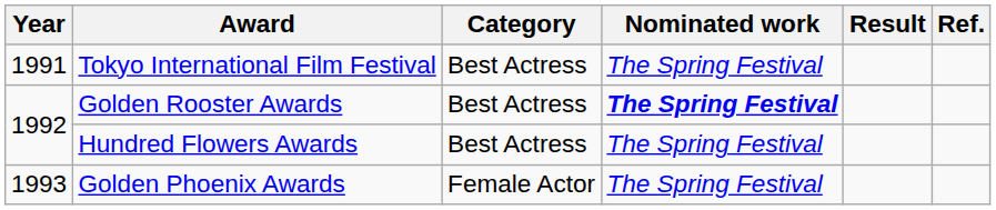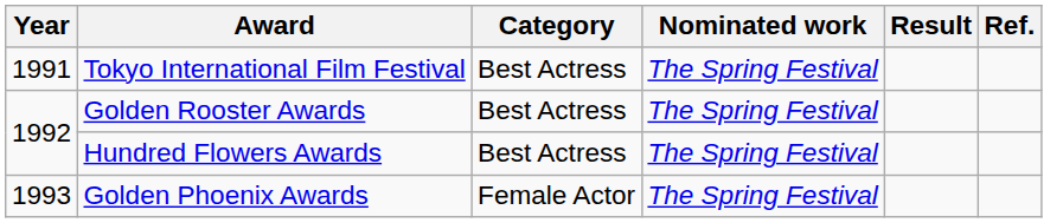 <table class="wikitable">
 <tr>
 <th>Year</th>
 <th>Award</th>
 <th>Category</th>
 <th>Nominated work</th>
 <th>Result</th>
 <th>Ref.</th>
 </tr>
 <tr>
 <td>1991</td>
 <td><a href='#'>Tokyo International Film Festival</a></td>
 <td>Best Actress</td>
 <td><em><a href='#'>The Spring Festival</a></em></td>
 <td></td>
 <td></td>
 </tr>
 <tr>
 <td rowspan=2>1992</td>
 <td><a href='#'>Golden Rooster Awards</a></td>
 <td>Best Actress</td>
-<td><strong><em><a href='#'>The Spring Festival</a></em></strong></td>
+<td><em><a href='#'>The Spring Festival</a></em></td>
 <td></td>
 <td></td>
 </tr>
 <tr>
 <td><a href='#'>Hundred Flowers Awards</a></td>
 <td>Best Actress</td>
 <td><em><a href='#'>The Spring Festival</a></em></td>
 <td></td>
 <td></td>
 </tr>
 <tr>
 <td>1993</td>
 <td><a href='#'>Golden Phoenix Awards</a></td>
 <td>Female Actor</td>
 <td><em><a href='#'>The Spring Festival</a></em></td>
 <td></td>
 <td></td>
 </tr>
 </table>
